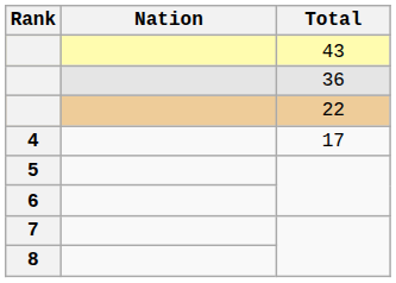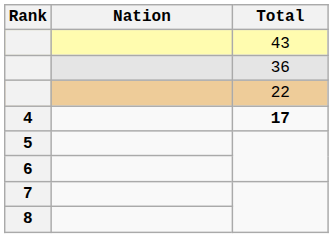 <table class="wikitable sortable" style="text-align:center; font-size:85%">
 <tr>
 <th scope="col" style="width:25px;">Rank</th>
 <th ! scope="col" style="width:120px;">Nation</th>
 <th ! scope="col" style="width:60px;">Total</th>
 </tr>
 <tr bgcolor=fffcaf>
 <th scope=row></th>
 <td align=left></td>
 <td>43</td>
 </tr>
 <tr bgcolor=e5e5e5>
 <th scope=row></th>
 <td align=left></td>
 <td>36</td>
 </tr>
 <tr bgcolor=eecc99>
 <th scope=row></th>
 <td align=left></td>
 <td>22</td>
 </tr>
 <tr>
 <th scope=row>4</th>
 <td align=left></td>
-<td>17</td>
+<td><strong>17</strong></td>
 </tr>
 <tr>
 <th scope=row>5</th>
 <td align=left></td>
 <td rowspan=2></td>
 </tr>
 <tr>
 <th scope=row>6</th>
 <td align=left></td>
 </tr>
 <tr>
 <th scope=row>7</th>
 <td align=left></td>
 <td rowspan=2></td>
 </tr>
 <tr>
 <th scope=row>8</th>
 <td align=left></td>
 </tr>
 </table>
